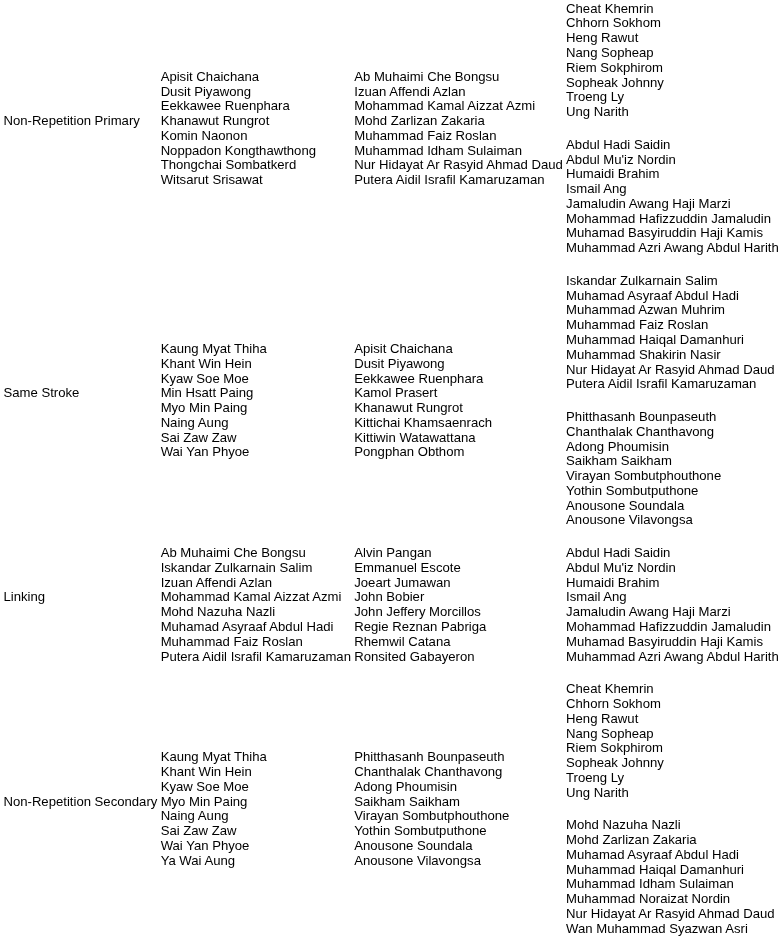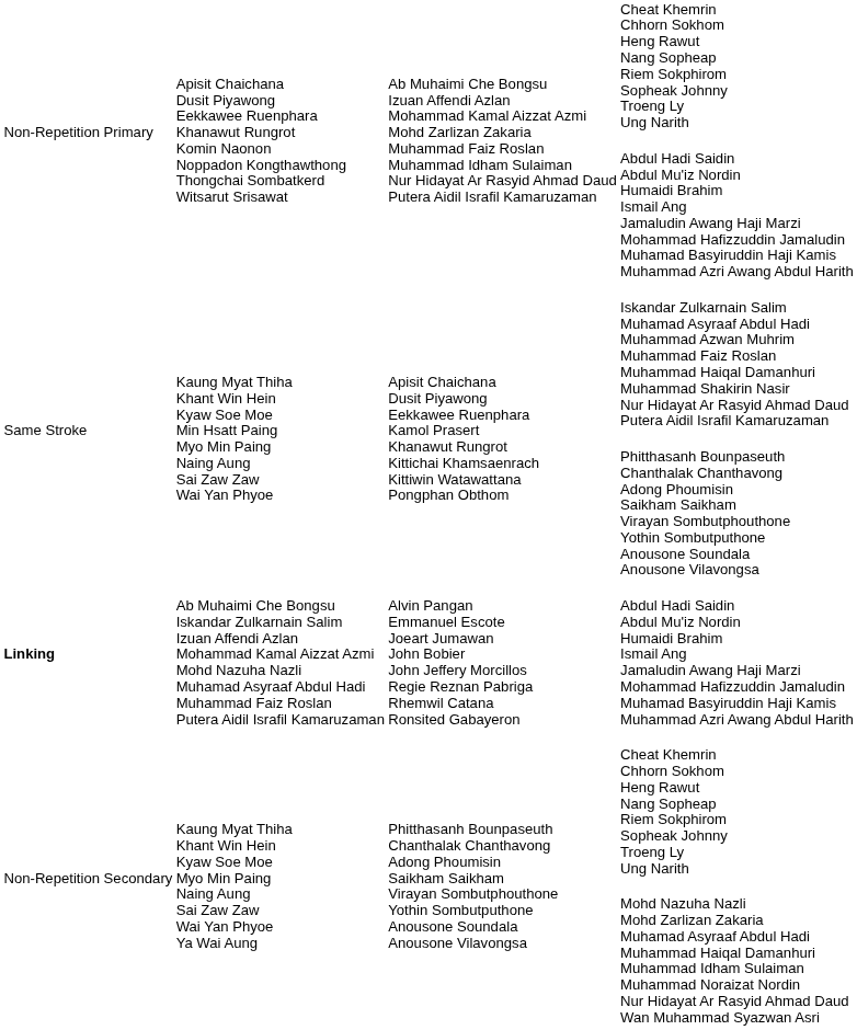 <table>
 <tr>
 <td rowspan=2>Non-Repetition Primary<br></td>
 <td rowspan=2><br>Apisit Chaichana<br>Dusit Piyawong<br>Eekkawee Ruenphara<br>Khanawut Rungrot<br>Komin Naonon<br>Noppadon Kongthawthong<br>Thongchai Sombatkerd<br>Witsarut Srisawat</td>
 <td nowrap=true rowspan=2><br>Ab Muhaimi Che Bongsu<br>Izuan Affendi Azlan<br>Mohammad Kamal Aizzat Azmi<br>Mohd Zarlizan Zakaria<br>Muhammad Faiz Roslan<br>Muhammad Idham Sulaiman<br>Nur Hidayat Ar Rasyid Ahmad Daud<br>Putera Aidil Israfil Kamaruzaman</td>
 <td><br>Cheat Khemrin<br>Chhorn Sokhom<br>Heng Rawut<br>Nang Sopheap<br>Riem Sokphirom<br>Sopheak Johnny<br>Troeng Ly<br>Ung Narith</td>
 </tr>
 <tr>
 <td><br>Abdul Hadi Saidin<br>Abdul Mu'iz Nordin<br>Humaidi Brahim<br>Ismail Ang<br>Jamaludin Awang Haji Marzi<br>Mohammad Hafizzuddin Jamaludin<br>Muhamad Basyiruddin Haji Kamis<br>Muhammad Azri Awang Abdul Harith</td>
 </tr>
 <tr>
 <td rowspan=2>Same Stroke<br></td>
 <td rowspan=2><br>Kaung Myat Thiha<br>Khant Win Hein<br>Kyaw Soe Moe<br>Min Hsatt Paing<br>Myo Min Paing<br>Naing Aung<br>Sai Zaw Zaw<br>Wai Yan Phyoe</td>
 <td rowspan=2><br>Apisit Chaichana<br>Dusit Piyawong<br>Eekkawee Ruenphara<br>Kamol Prasert<br>Khanawut Rungrot<br>Kittichai Khamsaenrach<br>Kittiwin Watawattana<br>Pongphan Obthom</td>
 <td><br>Iskandar Zulkarnain Salim<br>Muhamad Asyraaf Abdul Hadi<br>Muhammad Azwan Muhrim<br>Muhammad Faiz Roslan<br>Muhammad Haiqal Damanhuri<br>Muhammad Shakirin Nasir<br>Nur Hidayat Ar Rasyid Ahmad Daud<br>Putera Aidil Israfil Kamaruzaman</td>
 </tr>
 <tr>
 <td><br>Phitthasanh Bounpaseuth<br>Chanthalak Chanthavong<br>Adong Phoumisin<br>Saikham Saikham<br>Virayan Sombutphouthone<br>Yothin Sombutputhone<br>Anousone Soundala<br>Anousone Vilavongsa</td>
 </tr>
 <tr>
-<td>Linking<br></td>
+<td><strong>Linking<br></strong></td>
 <td nowrap=true><br>Ab Muhaimi Che Bongsu<br>Iskandar Zulkarnain Salim<br>Izuan Affendi Azlan<br>Mohammad Kamal Aizzat Azmi<br>Mohd Nazuha Nazli<br>Muhamad Asyraaf Abdul Hadi<br>Muhammad Faiz Roslan<br>Putera Aidil Israfil Kamaruzaman</td>
 <td><br>Alvin Pangan<br>Emmanuel Escote<br>Joeart Jumawan<br>John Bobier<br>John Jeffery Morcillos<br>Regie Reznan Pabriga<br>Rhemwil Catana<br>Ronsited Gabayeron</td>
 <td nowrap=true><br>Abdul Hadi Saidin<br>Abdul Mu'iz Nordin<br>Humaidi Brahim<br>Ismail Ang<br>Jamaludin Awang Haji Marzi<br>Mohammad Hafizzuddin Jamaludin<br>Muhamad Basyiruddin Haji Kamis<br>Muhammad Azri Awang Abdul Harith</td>
 </tr>
 <tr>
 <td rowspan=2>Non-Repetition Secondary<br></td>
 <td rowspan=2><br>Kaung Myat Thiha<br>Khant Win Hein<br>Kyaw Soe Moe<br>Myo Min Paing<br>Naing Aung<br>Sai Zaw Zaw<br>Wai Yan Phyoe<br>Ya Wai Aung</td>
 <td rowspan=2><br>Phitthasanh Bounpaseuth<br>Chanthalak Chanthavong<br>Adong Phoumisin<br>Saikham Saikham<br>Virayan Sombutphouthone<br>Yothin Sombutputhone<br>Anousone Soundala<br>Anousone Vilavongsa</td>
 <td><br>Cheat Khemrin<br>Chhorn Sokhom<br>Heng Rawut<br>Nang Sopheap<br>Riem Sokphirom<br>Sopheak Johnny<br>Troeng Ly<br>Ung Narith</td>
 </tr>
 <tr>
 <td><br>Mohd Nazuha Nazli<br>Mohd Zarlizan Zakaria<br>Muhamad Asyraaf Abdul Hadi<br>Muhammad Haiqal Damanhuri<br>Muhammad Idham Sulaiman<br>Muhammad Noraizat Nordin<br>Nur Hidayat Ar Rasyid Ahmad Daud<br>Wan Muhammad Syazwan Asri</td>
 </tr>
 </table>
